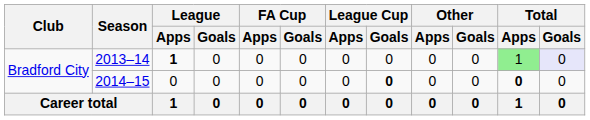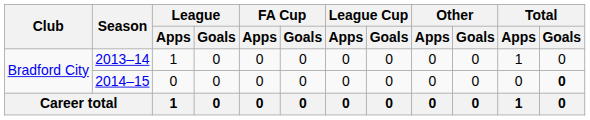 <table class="wikitable" style="text-align: center;">
 <tr>
 <th rowspan="2">Club</th>
 <th rowspan="2">Season</th>
 <th colspan="2">League</th>
 <th colspan="2">FA Cup</th>
 <th colspan="2">League Cup</th>
 <th colspan="2">Other</th>
 <th colspan="2">Total</th>
 </tr>
 <tr>
 <th>Apps</th>
 <th>Goals</th>
 <th>Apps</th>
 <th>Goals</th>
 <th>Apps</th>
 <th>Goals</th>
 <th>Apps</th>
 <th>Goals</th>
 <th>Apps</th>
 <th>Goals</th>
 </tr>
 <tr>
 <td rowspan="2" valign="center"><a href='#'>Bradford City</a></td>
 <td><a href='#'>2013–14</a></td>
-<td><strong>1</strong></td>
+<td>1</td>
 <td>0</td>
 <td>0</td>
 <td>0</td>
 <td>0</td>
 <td>0</td>
 <td>0</td>
 <td>0</td>
-<td style="background: lightgreen;">1</td>
-<td style="background: lavender;">0</td>
+<td>1</td>
+<td>0</td>
 </tr>
 <tr>
 <td><a href='#'>2014–15</a></td>
 <td>0</td>
 <td>0</td>
 <td>0</td>
 <td>0</td>
 <td>0</td>
-<td><strong>0</strong></td>
+<td>0</td>
+<td>0</td>
 <td>0</td>
 <td>0</td>
 <td><strong>0</strong></td>
-<td>0</td>
 </tr>
 <tr>
 <th colspan="2">Career total</th>
 <th>1</th>
 <th>0</th>
 <th>0</th>
 <th>0</th>
 <th>0</th>
 <th>0</th>
 <th>0</th>
 <th>0</th>
 <th>1</th>
 <th>0</th>
 </tr>
 </table>
